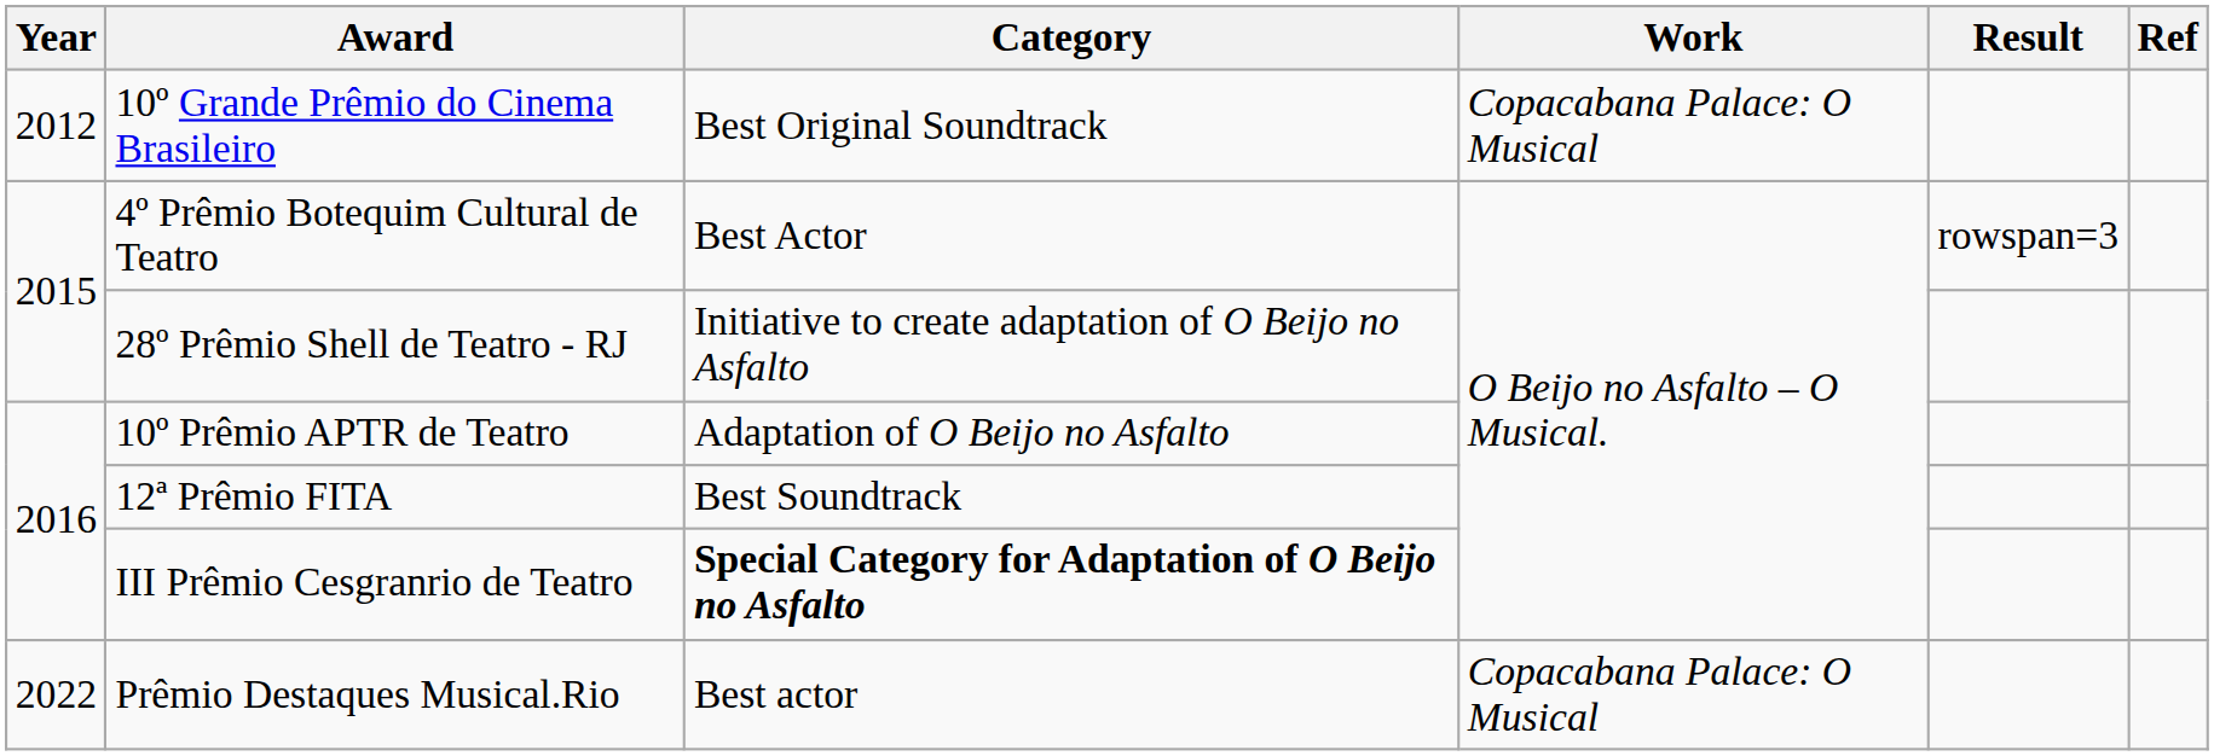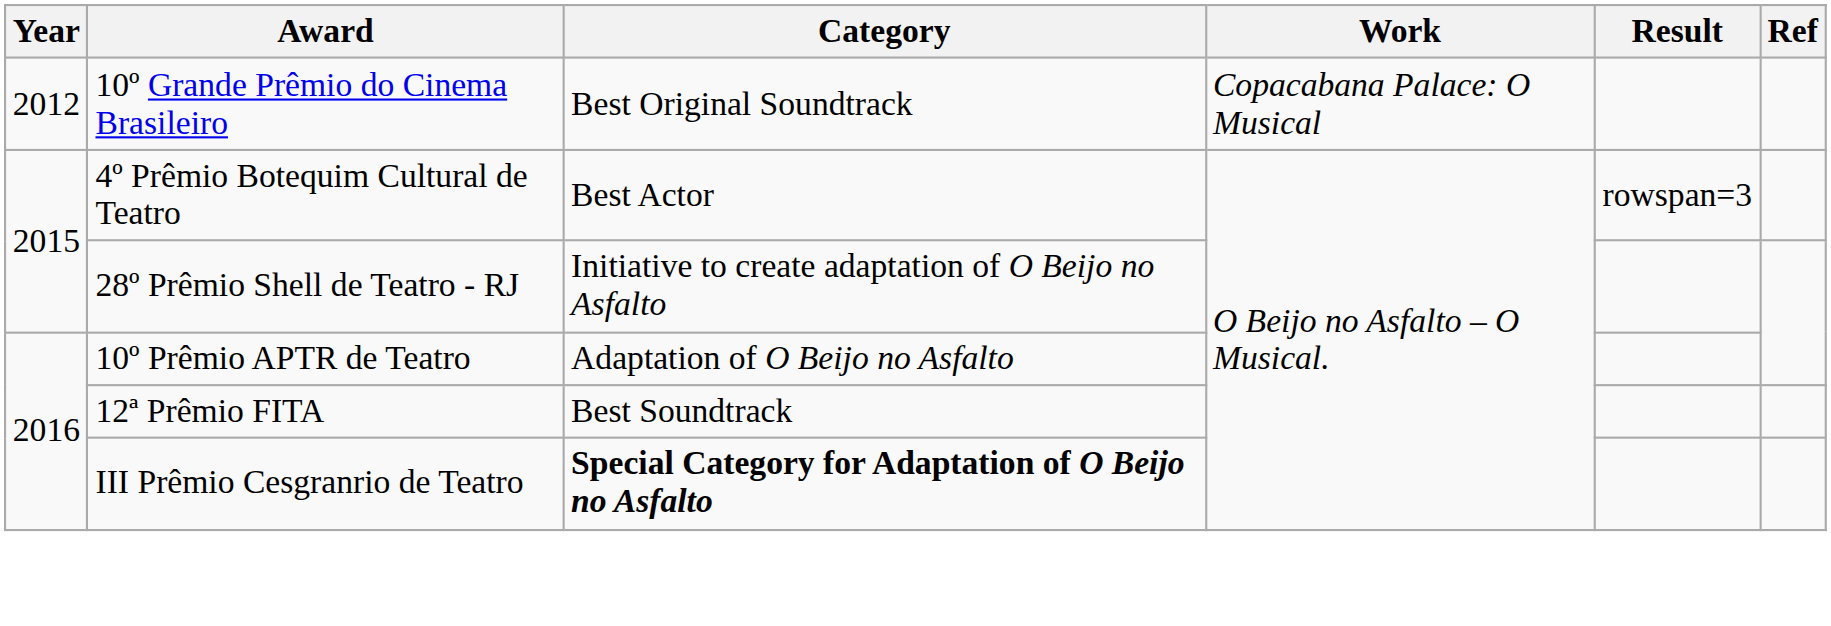 <table class="wikitable">
 <tr>
 <th>Year</th>
 <th>Award</th>
 <th>Category</th>
 <th>Work</th>
 <th>Result</th>
 <th>Ref</th>
 </tr>
 <tr>
 <td>2012</td>
 <td>10º <a href='#'>Grande Prêmio do Cinema Brasileiro</a></td>
 <td>Best Original Soundtrack</td>
 <td><em>Copacabana Palace: O Musical</em></td>
 <td></td>
 <td></td>
 </tr>
 <tr>
 <td rowspan="2">2015</td>
 <td>4º Prêmio Botequim Cultural de Teatro</td>
 <td>Best Actor</td>
 <td rowspan="5"><em>O Beijo no Asfalto – O Musical.</em></td>
 <td>rowspan=3 </td>
 <td></td>
 </tr>
 <tr>
 <td>28º Prêmio Shell de Teatro - RJ</td>
 <td>Initiative to create adaptation of <em>O Beijo no Asfalto</em></td>
 <td></td>
 </tr>
 <tr>
 <td rowspan="3">2016</td>
 <td>10º Prêmio APTR de Teatro</td>
 <td>Adaptation of <em>O Beijo no Asfalto</em></td>
 <td></td>
 </tr>
 <tr>
 <td>12ª Prêmio FITA</td>
 <td>Best Soundtrack</td>
 <td></td>
 <td></td>
 </tr>
 <tr>
 <td>III Prêmio Cesgranrio de Teatro</td>
 <td><strong>Special Category for Adaptation of <em>O Beijo no Asfalto</em></strong></td>
 <td></td>
 <td></td>
 </tr>
-<tr>
-<td>2022</td>
-<td>Prêmio Destaques Musical.Rio</td>
-<td>Best actor</td>
-<td><em>Copacabana Palace: O Musical</em></td>
-<td></td>
-<td></td>
-</tr>
 </table>
